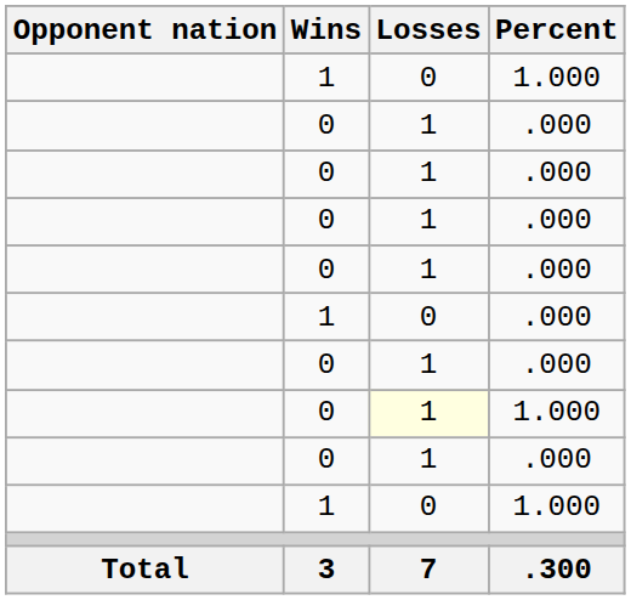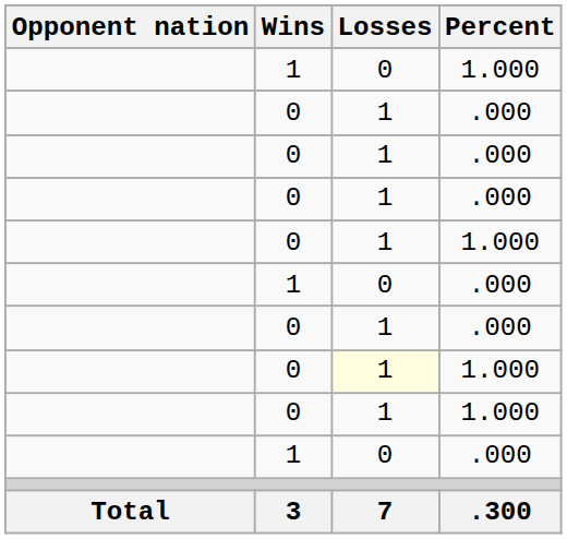 <table class=wikitable>
 <tr>
 <th>Opponent nation</th>
 <th>Wins</th>
 <th>Losses</th>
 <th>Percent</th>
 </tr>
 <tr align=center>
 <td align=left></td>
 <td>1</td>
 <td>0</td>
 <td>1.000</td>
 </tr>
 <tr align=center>
 <td align=left></td>
 <td>0</td>
 <td>1</td>
 <td>.000</td>
 </tr>
 <tr align=center>
 <td align=left></td>
 <td>0</td>
 <td>1</td>
 <td>.000</td>
 </tr>
 <tr align=center>
 <td align=left></td>
 <td>0</td>
 <td>1</td>
 <td>.000</td>
 </tr>
 <tr align=center>
 <td align=left></td>
 <td>0</td>
 <td>1</td>
-<td>.000</td>
+<td>1.000</td>
 </tr>
 <tr align=center>
 <td align=left></td>
 <td>1</td>
 <td>0</td>
 <td>.000</td>
 </tr>
 <tr align=center>
 <td align=left></td>
 <td>0</td>
 <td>1</td>
 <td>.000</td>
 </tr>
 <tr align=center>
 <td align=left></td>
 <td>0</td>
 <td style="background: lightyellow;">1</td>
 <td>1.000</td>
 </tr>
 <tr align=center>
 <td align=left></td>
 <td>0</td>
 <td>1</td>
-<td>.000</td>
+<td>1.000</td>
 </tr>
 <tr align=center>
 <td align=left></td>
 <td>1</td>
 <td>0</td>
-<td>1.000</td>
+<td>.000</td>
 </tr>
 <tr>
 <td colspan=4 bgcolor=lightgray></td>
 </tr>
 <tr>
 <th>Total</th>
 <th>3</th>
 <th>7</th>
 <th>.300</th>
 </tr>
 </table>
